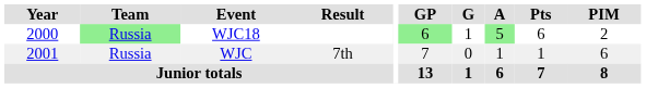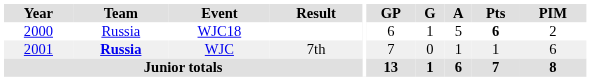 <table border="0" cellpadding="1" cellspacing="0" ID="Table3" style="text-align:center; width:40em">
 <tr ALIGN="center" bgcolor="#e0e0e0">
 <th>Year</th>
 <th>Team</th>
 <th>Event</th>
 <th>Result</th>
 <th rowspan="99" bgcolor="#ffffff"></th>
 <th>GP</th>
 <th>G</th>
 <th>A</th>
 <th>Pts</th>
 <th>PIM</th>
 </tr>
 <tr>
 <td><a href='#'>2000</a></td>
-<td style="background: lightgreen;"><a href='#'>Russia</a></td>
+<td><a href='#'>Russia</a></td>
 <td><a href='#'>WJC18</a></td>
 <td></td>
-<td style="background: lightgreen;">6</td>
+<td>6</td>
 <td>1</td>
-<td style="background: lightgreen;">5</td>
-<td>6</td>
+<td>5</td>
+<td><strong>6</strong></td>
 <td>2</td>
 </tr>
 <tr bgcolor="#f0f0f0">
 <td><a href='#'>2001</a></td>
-<td><a href='#'>Russia</a></td>
+<td><strong><a href='#'>Russia</a></strong></td>
 <td><a href='#'>WJC</a></td>
 <td>7th</td>
 <td>7</td>
 <td>0</td>
 <td>1</td>
 <td>1</td>
 <td>6</td>
 </tr>
 <tr bgcolor="#e0e0e0">
 <th colspan="4">Junior totals</th>
 <th>13</th>
 <th>1</th>
 <th>6</th>
 <th>7</th>
 <th>8</th>
 </tr>
 </table>
